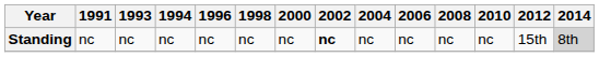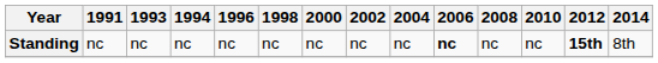 <table class="wikitable">
 <tr>
 <th>Year</th>
 <th>1991</th>
 <th>1993</th>
 <th>1994</th>
 <th>1996</th>
 <th>1998</th>
 <th>2000</th>
 <th>2002</th>
 <th>2004</th>
 <th>2006</th>
 <th>2008</th>
 <th>2010</th>
 <th>2012</th>
 <th>2014</th>
 </tr>
 <tr>
 <th>Standing</th>
 <td>nc</td>
 <td>nc</td>
 <td>nc</td>
 <td>nc</td>
 <td>nc</td>
 <td>nc</td>
+<td>nc</td>
+<td>nc</td>
 <td><strong>nc</strong></td>
 <td>nc</td>
 <td>nc</td>
-<td>nc</td>
-<td>nc</td>
-<td>15th</td>
-<td style="background: lightgrey;">8th</td>
+<td><strong>15th</strong></td>
+<td>8th</td>
 </tr>
 <tr>
 </tr>
 </table>
